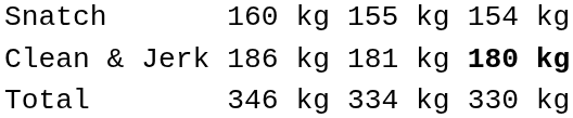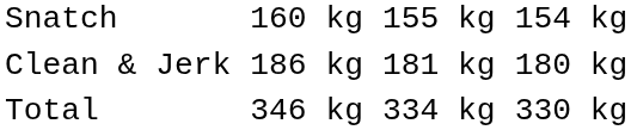 <table>
 <tr>
 <td>Snatch</td>
 <td></td>
 <td>160 kg</td>
 <td></td>
 <td>155 kg</td>
 <td></td>
 <td>154 kg</td>
 </tr>
 <tr>
 <td>Clean & Jerk</td>
 <td></td>
 <td>186 kg</td>
 <td></td>
 <td>181 kg</td>
 <td></td>
-<td><strong>180 kg</strong></td>
+<td>180 kg</td>
 </tr>
 <tr>
 <td>Total</td>
 <td></td>
 <td>346 kg</td>
 <td></td>
 <td>334 kg</td>
 <td></td>
 <td>330 kg</td>
 </tr>
 </table>
